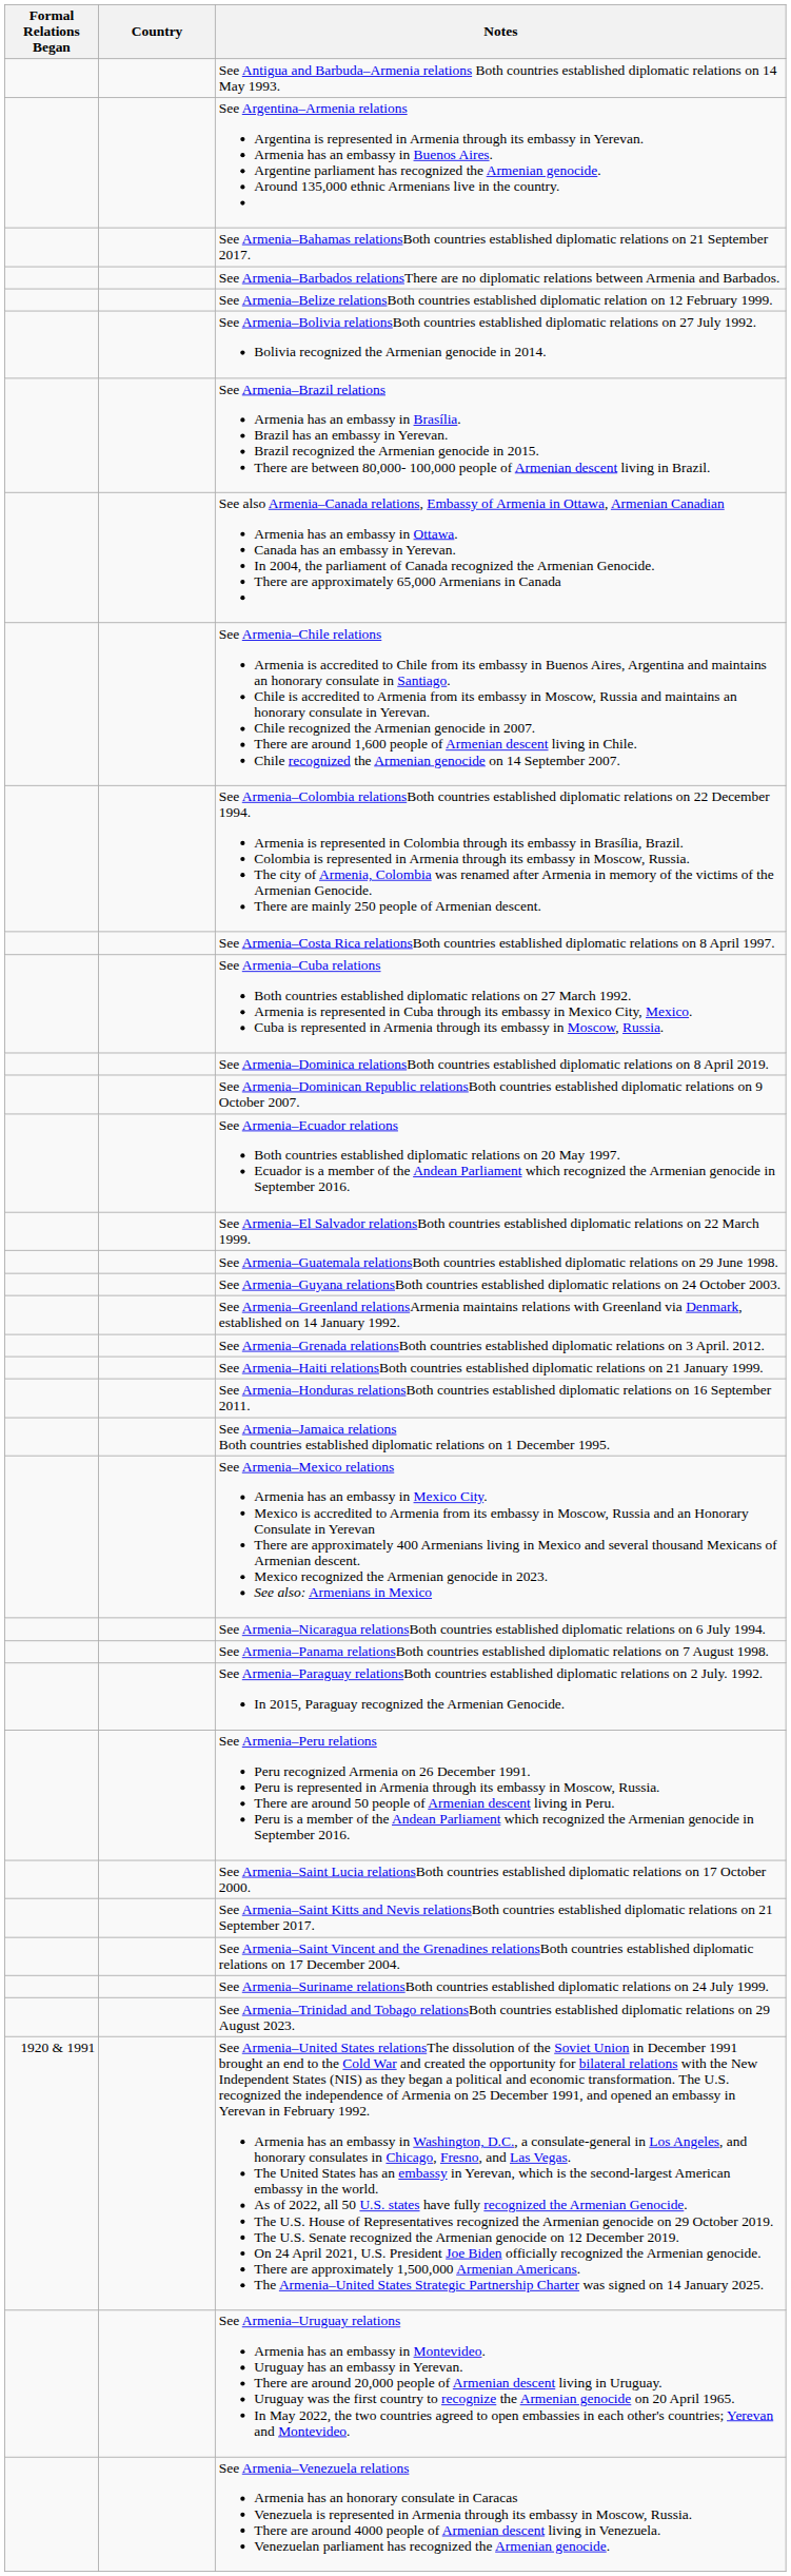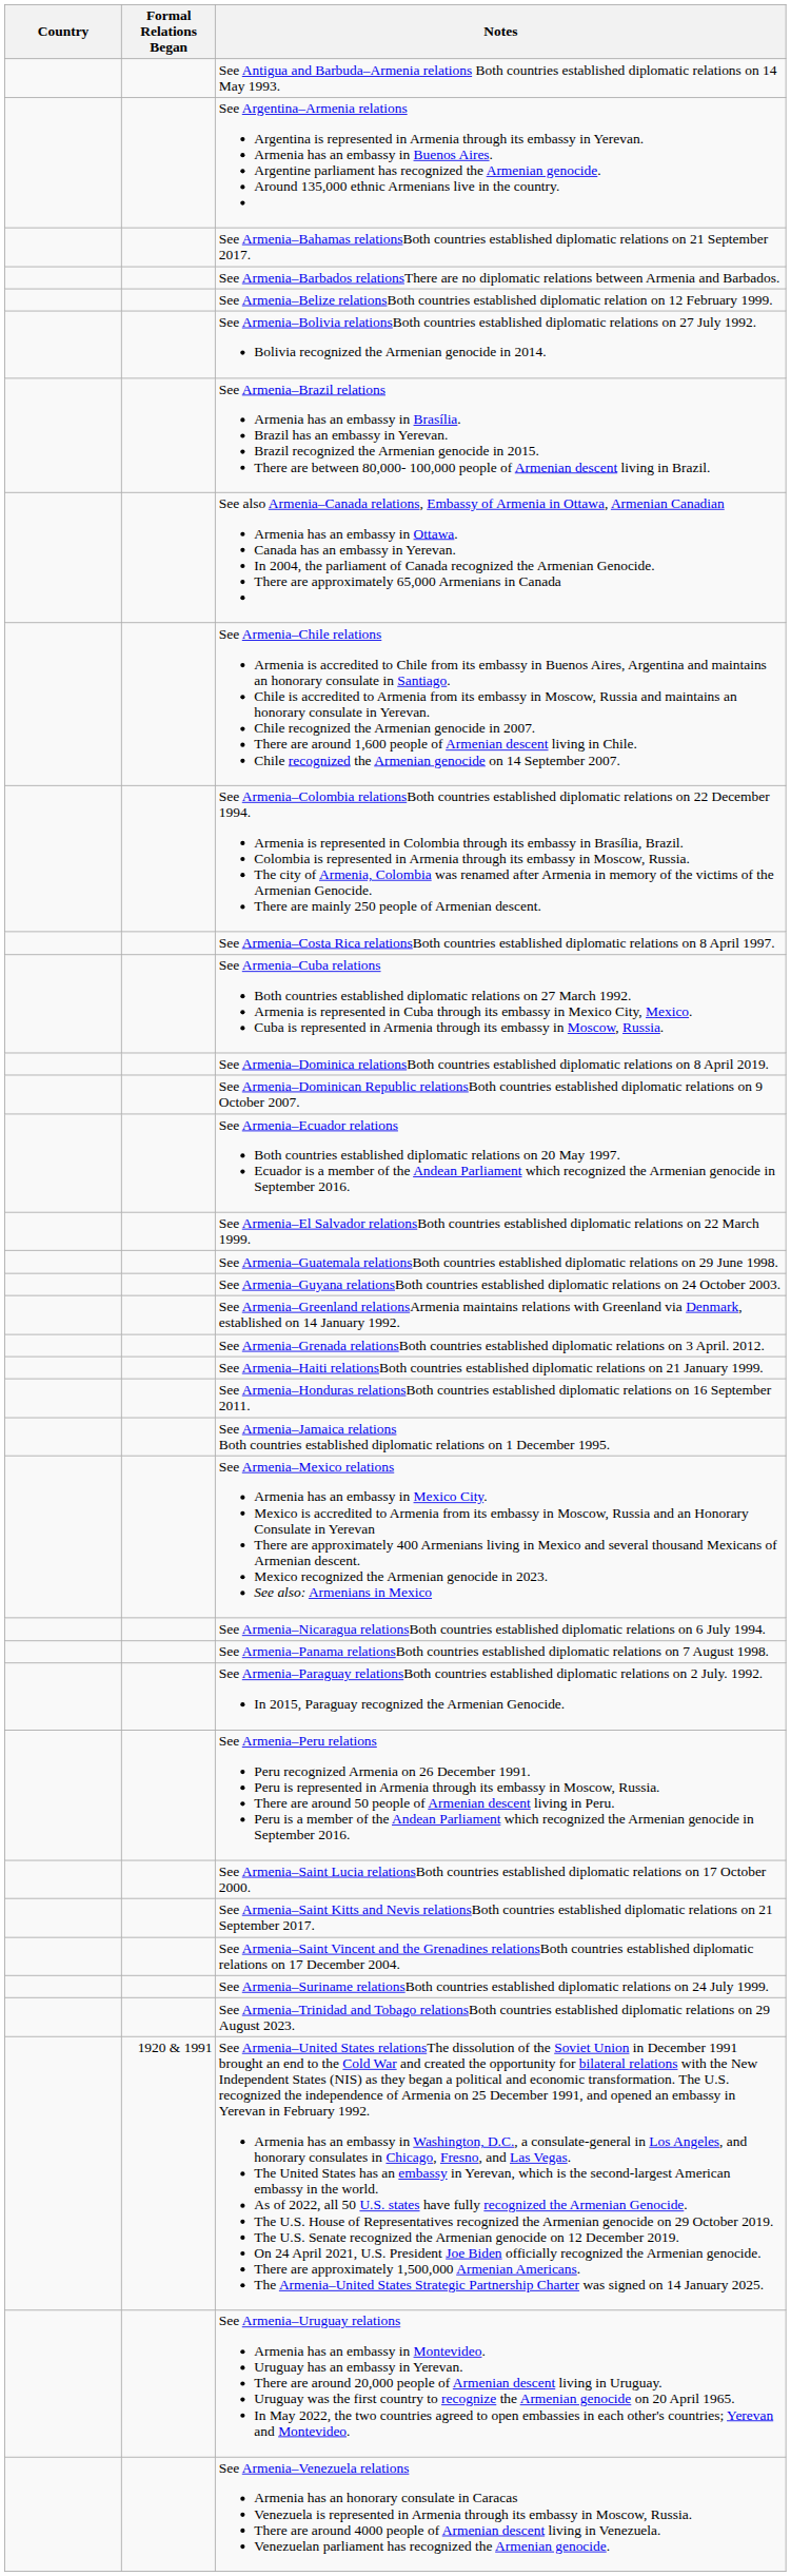 <table class="wikitable sortable" style="width:100%; margin:auto;">
 <tr>
+<th style="width:15%;">Country</th>
 <th style="width:12%;">Formal Relations Began</th>
-<th style="width:15%;">Country</th>
 <th>Notes</th>
 </tr>
 <tr valign="top">
+<td></td>
 <td align=right> </td>
-<td></td>
 <td>See <a href='#'>Antigua and Barbuda–Armenia relations</a> Both countries established diplomatic relations on 14 May 1993.</td>
 </tr>
 <tr valign="top">
+<td></td>
 <td align=right> </td>
-<td></td>
 <td>See <a href='#'>Argentina–Armenia relations</a><br><ul><li>Argentina is represented in Armenia through its embassy in Yerevan.</li><li>Armenia has an embassy in <a href='#'>Buenos Aires</a>.</li><li>Argentine parliament has recognized the <a href='#'>Armenian genocide</a>.</li><li>Around 135,000 ethnic Armenians live in the country.</li><li></li></ul></td>
 </tr>
 <tr valign="top">
+<td></td>
 <td align=right> </td>
-<td></td>
 <td>See <a href='#'>Armenia–Bahamas relations</a>Both countries established diplomatic relations on 21 September 2017.</td>
 </tr>
 <tr valign="top">
+<td></td>
 <td align=right> </td>
-<td></td>
 <td>See <a href='#'>Armenia–Barbados relations</a>There are no diplomatic relations between Armenia and Barbados.</td>
 </tr>
 <tr valign="top">
+<td></td>
 <td align=right> </td>
-<td></td>
 <td>See <a href='#'>Armenia–Belize relations</a>Both countries established diplomatic relation on 12 February 1999.</td>
 </tr>
 <tr valign="top">
+<td></td>
 <td align=right> </td>
-<td></td>
 <td>See <a href='#'>Armenia–Bolivia relations</a>Both countries established diplomatic relations on 27 July 1992.<br><ul><li>Bolivia recognized the Armenian genocide in 2014.</li></ul></td>
 </tr>
 <tr valign="top">
+<td></td>
 <td align=right> </td>
-<td></td>
 <td>See <a href='#'>Armenia–Brazil relations</a><br><ul><li>Armenia has an embassy in <a href='#'>Brasília</a>.</li><li>Brazil has an embassy in Yerevan.</li><li>Brazil recognized the Armenian genocide in 2015.</li><li>There are between 80,000- 100,000 people of <a href='#'>Armenian descent</a> living in Brazil.</li></ul></td>
 </tr>
 <tr valign="top">
+<td></td>
 <td align=right> </td>
-<td></td>
 <td>See also <a href='#'>Armenia–Canada relations</a>, <a href='#'>Embassy of Armenia in Ottawa</a>, <a href='#'>Armenian Canadian</a><br><ul><li>Armenia has an embassy in <a href='#'>Ottawa</a>.</li><li>Canada has an embassy in Yerevan.</li><li>In 2004, the parliament of Canada recognized the Armenian Genocide.</li><li>There are approximately 65,000 Armenians in Canada</li><li></li></ul></td>
 </tr>
 <tr valign="top">
+<td></td>
 <td align=right> </td>
-<td></td>
 <td>See <a href='#'>Armenia–Chile relations</a><br><ul><li>Armenia is accredited to Chile from its embassy in Buenos Aires, Argentina and maintains an honorary consulate in <a href='#'>Santiago</a>.</li><li>Chile is accredited to Armenia from its embassy in Moscow, Russia and maintains an honorary consulate in Yerevan.</li><li>Chile recognized the Armenian genocide in 2007.</li><li>There are around 1,600 people of <a href='#'>Armenian descent</a> living in Chile.</li><li>Chile <a href='#'>recognized</a> the <a href='#'>Armenian genocide</a> on 14 September 2007.</li></ul></td>
 </tr>
 <tr valign="top">
+<td></td>
 <td align=right> </td>
-<td></td>
 <td>See <a href='#'>Armenia–Colombia relations</a>Both countries established diplomatic relations on 22 December 1994.<br><ul><li>Armenia is represented in Colombia through its embassy in Brasília, Brazil.</li><li>Colombia is represented in Armenia through its embassy in Moscow, Russia.</li><li>The city of <a href='#'>Armenia, Colombia</a> was renamed after Armenia in memory of the victims of the Armenian Genocide.</li><li>There are mainly 250 people of Armenian descent.</li></ul></td>
 </tr>
 <tr valign="top">
+<td></td>
 <td align=right> </td>
-<td></td>
 <td>See <a href='#'>Armenia–Costa Rica relations</a>Both countries established diplomatic relations on 8 April 1997.</td>
 </tr>
 <tr valign="top">
+<td></td>
 <td align=right> </td>
-<td></td>
 <td>See <a href='#'>Armenia–Cuba relations</a><br><ul><li>Both countries established diplomatic relations on 27 March 1992.</li><li>Armenia is represented in Cuba through its embassy in Mexico City, <a href='#'>Mexico</a>.</li><li>Cuba is represented in Armenia through its embassy in <a href='#'>Moscow</a>, <a href='#'>Russia</a>.</li></ul></td>
 </tr>
 <tr valign="top">
+<td></td>
 <td align=right> </td>
-<td></td>
 <td>See <a href='#'>Armenia–Dominica relations</a>Both countries established diplomatic relations on 8 April 2019.</td>
 </tr>
 <tr valign="top">
+<td></td>
 <td align=right> </td>
-<td></td>
 <td>See <a href='#'>Armenia–Dominican Republic relations</a>Both countries established diplomatic relations on 9 October 2007.</td>
 </tr>
 <tr valign="top">
+<td></td>
 <td align=right> </td>
-<td></td>
 <td>See <a href='#'>Armenia–Ecuador relations</a><br><ul><li>Both countries established diplomatic relations on 20 May 1997.</li><li>Ecuador is a member of the <a href='#'>Andean Parliament</a> which recognized the Armenian genocide in September 2016.</li></ul></td>
 </tr>
 <tr valign="top">
+<td></td>
 <td align=right> </td>
-<td></td>
 <td>See <a href='#'>Armenia–El Salvador relations</a>Both countries established diplomatic relations on 22 March 1999.</td>
 </tr>
 <tr valign="top">
+<td></td>
 <td align=right> </td>
-<td></td>
 <td>See <a href='#'>Armenia–Guatemala relations</a>Both countries established diplomatic relations on 29 June 1998.</td>
 </tr>
 <tr valign="top">
+<td></td>
 <td align=right> </td>
-<td></td>
 <td>See <a href='#'>Armenia–Guyana relations</a>Both countries established diplomatic relations on 24 October 2003.</td>
 </tr>
 <tr valign="top">
+<td></td>
 <td align=right> </td>
-<td></td>
 <td>See <a href='#'>Armenia–Greenland relations</a>Armenia maintains relations with Greenland via <a href='#'>Denmark</a>, established on 14 January 1992.</td>
 </tr>
 <tr valign="top">
+<td></td>
 <td align=right></td>
-<td></td>
 <td>See <a href='#'>Armenia–Grenada relations</a>Both countries established diplomatic relations on 3 April. 2012.</td>
 </tr>
 <tr valign="top">
+<td></td>
 <td align=right> </td>
-<td></td>
 <td>See <a href='#'>Armenia–Haiti relations</a>Both countries established diplomatic relations on 21 January 1999.</td>
 </tr>
 <tr valign="top">
+<td></td>
 <td align=right> </td>
-<td></td>
 <td>See <a href='#'>Armenia–Honduras relations</a>Both countries established diplomatic relations on 16 September 2011.</td>
 </tr>
 <tr valign="top">
+<td></td>
 <td align=right> </td>
-<td></td>
 <td>See <a href='#'>Armenia–Jamaica relations</a><br>Both countries established diplomatic relations on 1 December 1995.</td>
 </tr>
 <tr valign="top">
+<td></td>
 <td align=right> </td>
-<td></td>
 <td>See <a href='#'>Armenia–Mexico relations</a><br><ul><li>Armenia has an embassy in <a href='#'>Mexico City</a>.</li><li>Mexico is accredited to Armenia from its embassy in Moscow, Russia and an Honorary Consulate in Yerevan</li><li>There are approximately 400 Armenians living in Mexico and several thousand Mexicans of Armenian descent.</li><li>Mexico recognized the Armenian genocide in 2023.</li><li><em>See also:</em> <a href='#'>Armenians in Mexico</a></li></ul></td>
 </tr>
 <tr valign="top">
+<td></td>
 <td align=right> </td>
-<td></td>
 <td>See <a href='#'>Armenia–Nicaragua relations</a>Both countries established diplomatic relations on 6 July 1994.</td>
 </tr>
 <tr valign="top">
+<td></td>
 <td align=right> </td>
-<td></td>
 <td>See <a href='#'>Armenia–Panama relations</a>Both countries established diplomatic relations on 7 August 1998.</td>
 </tr>
 <tr valign="top">
+<td></td>
 <td align=right> </td>
-<td></td>
 <td>See <a href='#'>Armenia–Paraguay relations</a>Both countries established diplomatic relations on 2 July. 1992.<br><ul><li>In 2015, Paraguay recognized the Armenian Genocide.</li></ul></td>
 </tr>
 <tr valign="top">
+<td></td>
 <td align=right> </td>
-<td></td>
 <td>See <a href='#'>Armenia–Peru relations</a><br><ul><li>Peru recognized Armenia on 26 December 1991.</li><li>Peru is represented in Armenia through its embassy in Moscow, Russia.</li><li>There are around 50 people of <a href='#'>Armenian descent</a> living in Peru.</li><li>Peru is a member of the <a href='#'>Andean Parliament</a> which recognized the Armenian genocide in September 2016.</li></ul></td>
 </tr>
 <tr valign="top">
+<td></td>
 <td align=right> </td>
-<td></td>
 <td>See <a href='#'>Armenia–Saint Lucia relations</a>Both countries established diplomatic relations on 17 October 2000.</td>
 </tr>
 <tr valign="top">
+<td></td>
 <td align=right> </td>
-<td></td>
 <td>See <a href='#'>Armenia–Saint Kitts and Nevis relations</a>Both countries established diplomatic relations on 21 September 2017.</td>
 </tr>
 <tr valign="top">
+<td></td>
 <td align=right> </td>
-<td></td>
 <td>See <a href='#'>Armenia–Saint Vincent and the Grenadines relations</a>Both countries established diplomatic relations on 17 December 2004.</td>
 </tr>
 <tr valign="top">
+<td></td>
 <td align=right> </td>
-<td></td>
 <td>See <a href='#'>Armenia–Suriname relations</a>Both countries established diplomatic relations on 24 July 1999.</td>
 </tr>
 <tr valign="top">
+<td></td>
 <td align=right> </td>
-<td></td>
 <td>See <a href='#'>Armenia–Trinidad and Tobago relations</a>Both countries established diplomatic relations on 29 August 2023.</td>
 </tr>
 <tr valign="top">
+<td></td>
 <td align=right>1920 & 1991</td>
-<td></td>
 <td>See <a href='#'>Armenia–United States relations</a>The dissolution of the <a href='#'>Soviet Union</a> in December 1991 brought an end to the <a href='#'>Cold War</a> and created the opportunity for <a href='#'>bilateral relations</a> with the New Independent States (NIS) as they began a political and economic transformation. The U.S. recognized the independence of Armenia on 25 December 1991, and opened an embassy in Yerevan in February 1992.<br><ul><li>Armenia has an embassy in <a href='#'>Washington, D.C.</a>, a consulate-general in <a href='#'>Los Angeles</a>, and honorary consulates in <a href='#'>Chicago</a>, <a href='#'>Fresno</a>, and <a href='#'>Las Vegas</a>.</li><li>The United States has an <a href='#'>embassy</a> in Yerevan, which is the second-largest American embassy in the world.</li><li>As of 2022, all 50 <a href='#'>U.S. states</a> have fully <a href='#'>recognized the Armenian Genocide</a>.</li><li>The U.S. House of Representatives recognized the Armenian genocide on 29 October 2019.</li><li>The U.S. Senate recognized the Armenian genocide on 12 December 2019.</li><li>On 24 April 2021, U.S. President <a href='#'>Joe Biden</a> officially recognized the Armenian genocide.</li><li>There are approximately 1,500,000 <a href='#'>Armenian Americans</a>.</li><li>The <a href='#'>Armenia–United States Strategic Partnership Charter</a> was signed on 14 January 2025.</li></ul></td>
 </tr>
 <tr valign="top">
+<td></td>
 <td align=right> </td>
-<td></td>
 <td>See <a href='#'>Armenia–Uruguay relations</a><br><ul><li>Armenia has an embassy in <a href='#'>Montevideo</a>.</li><li>Uruguay has an embassy in Yerevan.</li><li>There are around 20,000 people of <a href='#'>Armenian descent</a> living in Uruguay.</li><li>Uruguay was the first country to <a href='#'>recognize</a> the <a href='#'>Armenian genocide</a> on 20 April 1965.</li><li>In May 2022, the two countries agreed to open embassies in each other's countries; <a href='#'>Yerevan</a> and <a href='#'>Montevideo</a>.</li></ul></td>
 </tr>
 <tr valign="top">
+<td></td>
 <td align=right> </td>
-<td></td>
 <td>See <a href='#'>Armenia–Venezuela relations</a><br><ul><li>Armenia has an honorary consulate in Caracas</li><li>Venezuela is represented in Armenia through its embassy in Moscow, Russia.</li><li>There are around 4000 people of <a href='#'>Armenian descent</a> living in Venezuela.</li><li>Venezuelan parliament has recognized the <a href='#'>Armenian genocide</a>.</li></ul></td>
 </tr>
 </table>
